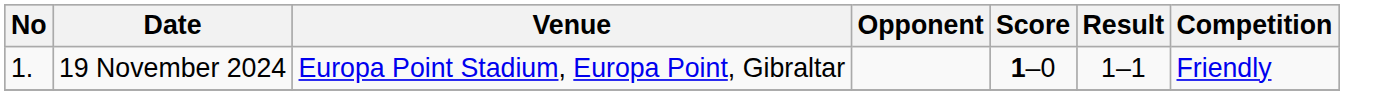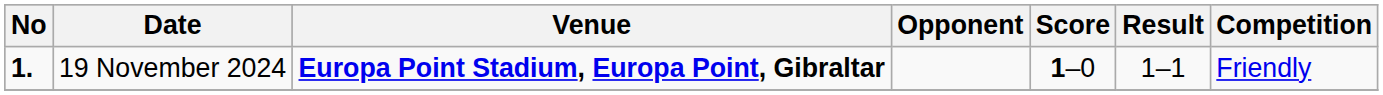 <table class="wikitable">
 <tr>
 <th>No</th>
 <th>Date</th>
 <th>Venue</th>
 <th>Opponent</th>
 <th>Score</th>
 <th>Result</th>
 <th>Competition</th>
 </tr>
 <tr>
-<td>1.</td>
+<td><strong>1.</strong></td>
 <td>19 November 2024</td>
-<td><a href='#'>Europa Point Stadium</a>, <a href='#'>Europa Point</a>, Gibraltar</td>
+<td><strong><a href='#'>Europa Point Stadium</a>, <a href='#'>Europa Point</a>, Gibraltar</strong></td>
 <td></td>
 <td align=center><strong>1</strong>–0</td>
 <td align=center>1–1</td>
 <td><a href='#'>Friendly</a></td>
 </tr>
 <tr>
 </tr>
 </table>
